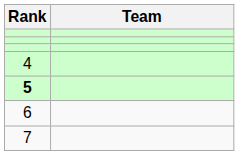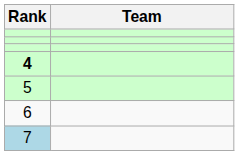 <table class=wikitable style="text-align:center;">
 <tr>
 <th>Rank</th>
 <th width=180>Team</th>
 </tr>
 <tr bgcolor=#CCFFCC>
 <td></td>
 <td align=left></td>
 </tr>
 <tr bgcolor=#CCFFCC>
 <td></td>
 <td align=left></td>
 </tr>
 <tr bgcolor=#CCFFCC>
 <td></td>
 <td align=left></td>
 </tr>
 <tr bgcolor=#CCFFCC>
-<td>4</td>
+<td><strong>4</strong></td>
 <td align=left></td>
 </tr>
 <tr bgcolor=#CCFFCC>
-<td><strong>5</strong></td>
+<td>5</td>
 <td align=left></td>
 </tr>
 <tr>
 <td>6</td>
 <td align=left></td>
 </tr>
 <tr>
-<td>7</td>
+<td style="background: lightblue;">7</td>
 <td align=left></td>
 </tr>
 </table>
